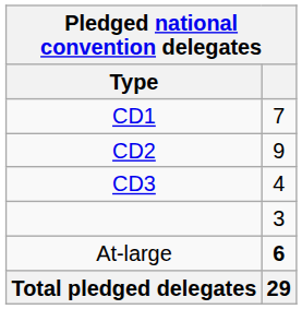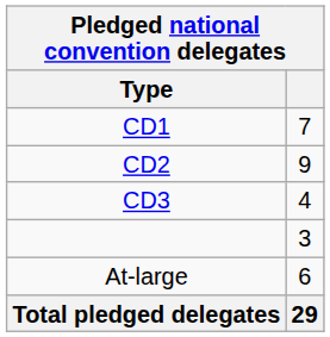 <table class="wikitable sortable" style="font-size:90%;text-align:center;float:right;padding:5px;">
 <tr>
 <th colspan="2">Pledged <a href='#'>national<br>convention</a> delegates</th>
 </tr>
 <tr>
 <th>Type</th>
 <th></th>
 </tr>
 <tr>
 <td><a href='#'>CD1</a></td>
 <td>7</td>
 </tr>
 <tr>
 <td><a href='#'>CD2</a></td>
 <td>9</td>
 </tr>
 <tr>
 <td><a href='#'>CD3</a></td>
 <td>4</td>
 </tr>
 <tr>
 <td></td>
 <td>3</td>
 </tr>
 <tr>
 <td>At-large</td>
-<td><strong>6</strong></td>
+<td>6</td>
 </tr>
 <tr>
 <th>Total pledged delegates</th>
 <th>29</th>
 </tr>
 </table>
